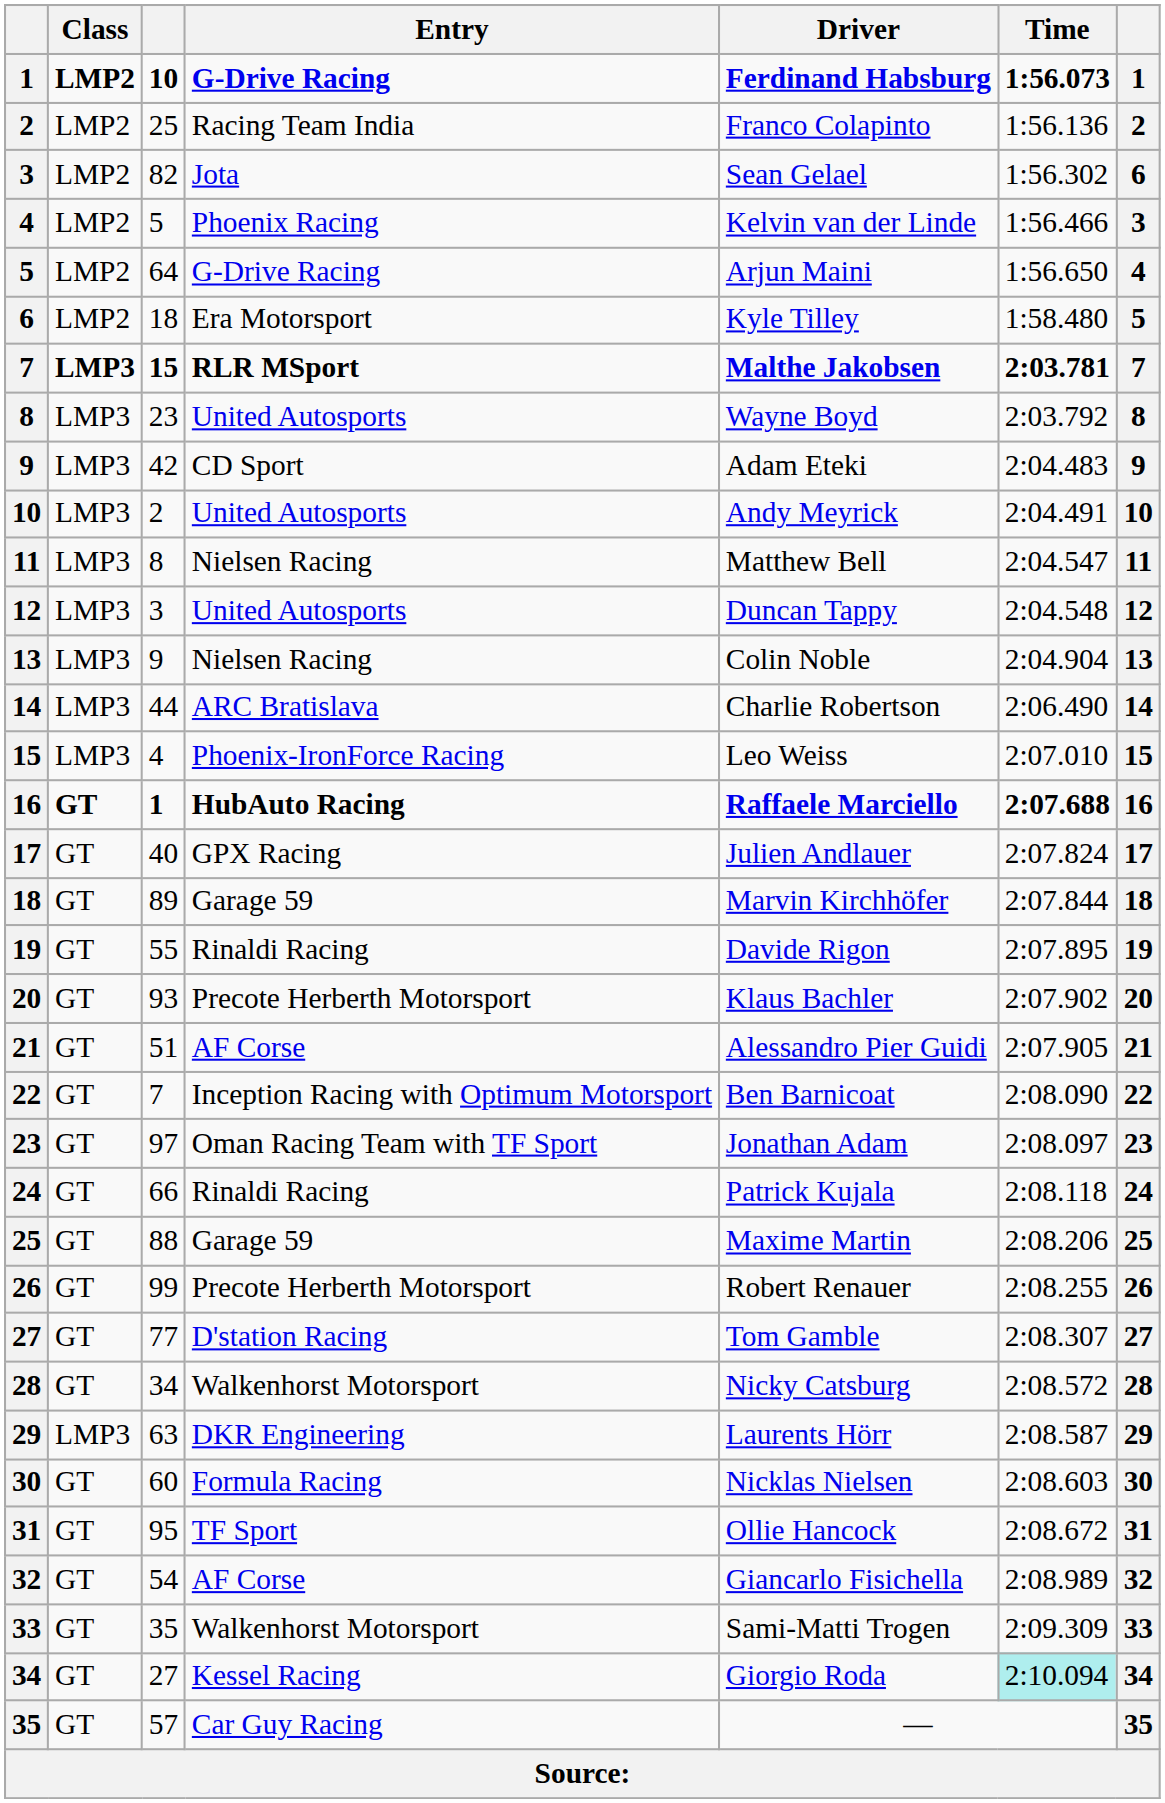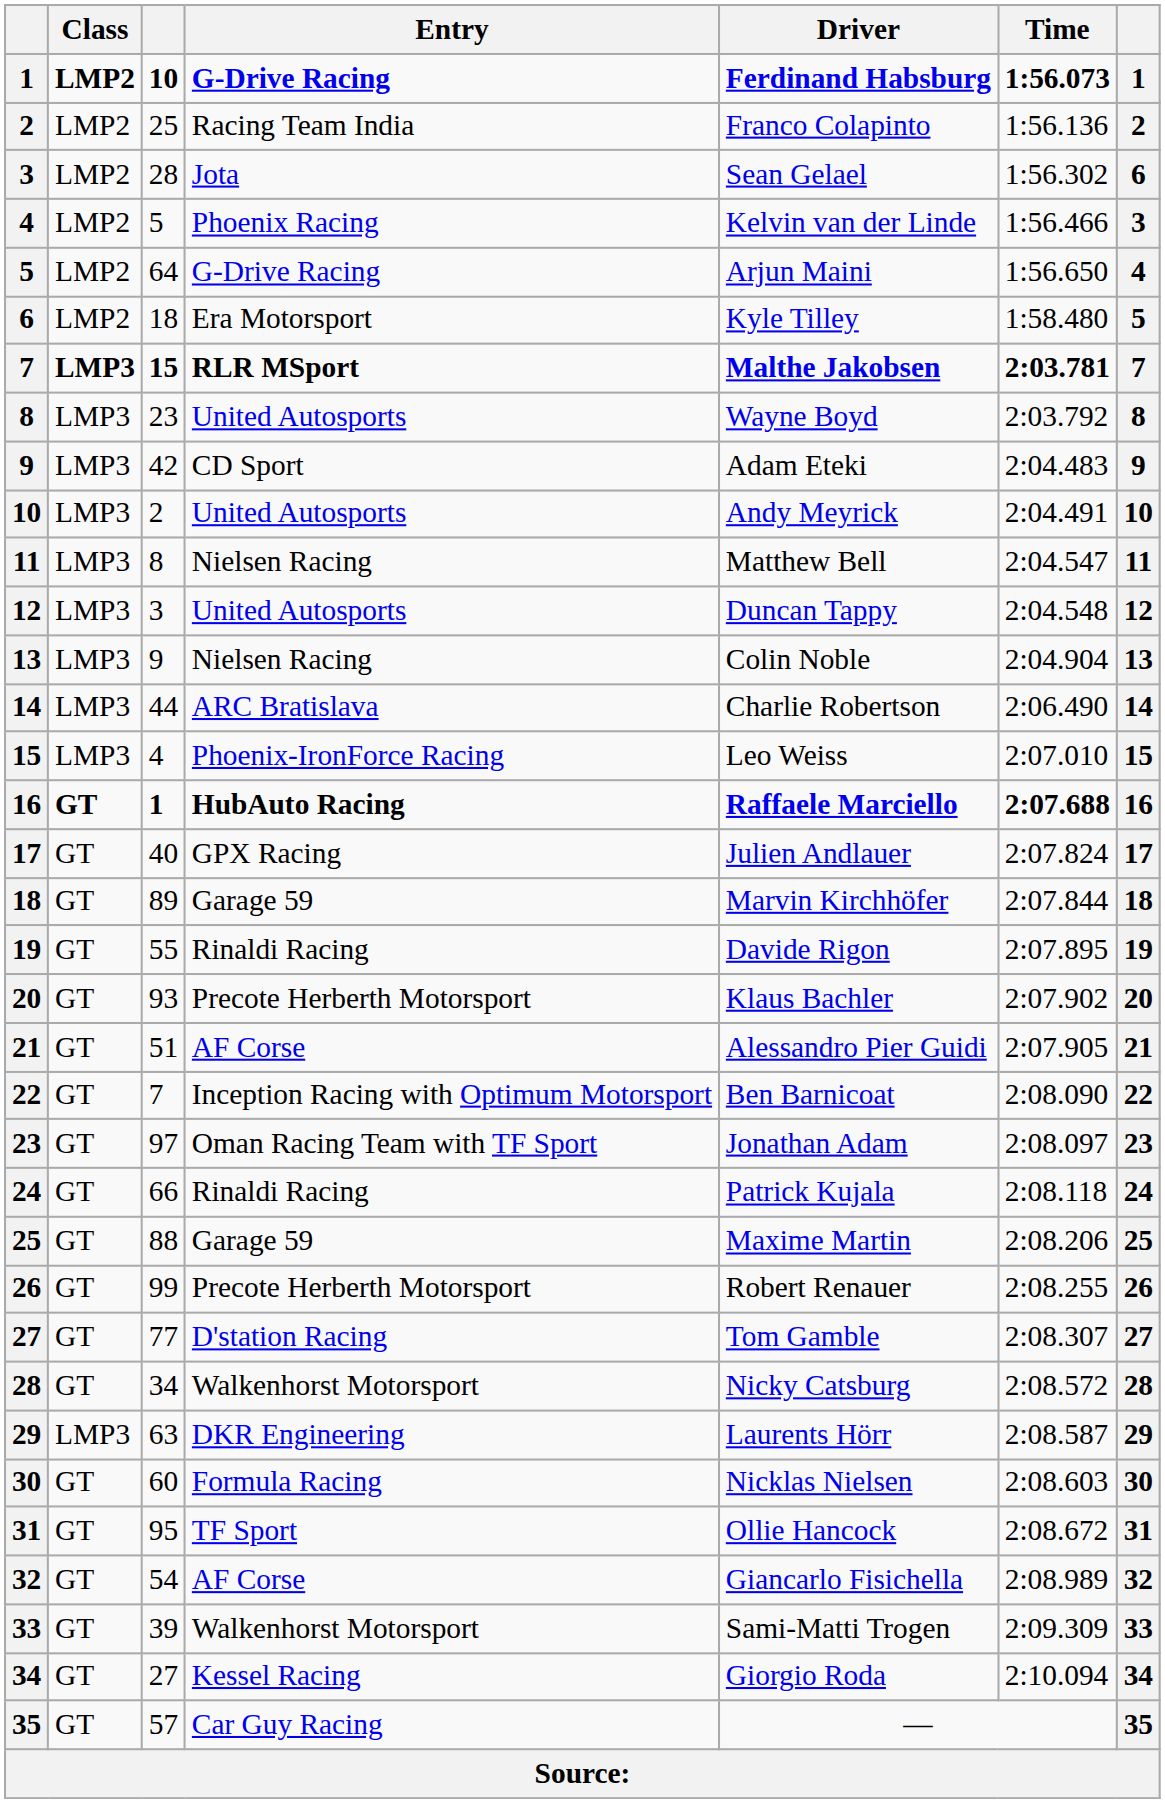 <table class="wikitable sortable" style="font-size:90%;">
 <tr>
 <th></th>
 <th class="unsortable">Class</th>
 <th class="unsortable"></th>
 <th class="unsortable">Entry</th>
 <th class="unsortable">Driver</th>
 <th class="unsortable">Time</th>
 <th></th>
 </tr>
 <tr>
 <th>1</th>
 <td><strong>LMP2</strong></td>
 <td><strong>10</strong></td>
 <td><strong> <a href='#'>G-Drive Racing</a></strong></td>
 <td><strong> <a href='#'>Ferdinand Habsburg</a></strong></td>
 <td><strong>1:56.073</strong></td>
 <th>1</th>
 </tr>
 <tr>
 <th>2</th>
 <td>LMP2</td>
 <td>25</td>
 <td> Racing Team India</td>
 <td> <a href='#'>Franco Colapinto</a></td>
 <td>1:56.136</td>
 <th>2</th>
 </tr>
 <tr>
 <th>3</th>
 <td>LMP2</td>
-<td>82</td>
+<td>28</td>
 <td> <a href='#'>Jota</a></td>
 <td> <a href='#'>Sean Gelael</a></td>
 <td>1:56.302</td>
 <th>6</th>
 </tr>
 <tr>
 <th>4</th>
 <td>LMP2</td>
 <td>5</td>
 <td> <a href='#'>Phoenix Racing</a></td>
 <td> <a href='#'>Kelvin van der Linde</a></td>
 <td>1:56.466</td>
 <th>3</th>
 </tr>
 <tr>
 <th>5</th>
 <td>LMP2</td>
 <td>64</td>
 <td> <a href='#'>G-Drive Racing</a></td>
 <td> <a href='#'>Arjun Maini</a></td>
 <td>1:56.650</td>
 <th>4</th>
 </tr>
 <tr>
 <th>6</th>
 <td>LMP2</td>
 <td>18</td>
 <td> Era Motorsport</td>
 <td> <a href='#'>Kyle Tilley</a></td>
 <td>1:58.480</td>
 <th>5</th>
 </tr>
 <tr>
 <th>7</th>
 <td><strong>LMP3</strong></td>
 <td><strong>15</strong></td>
 <td><strong> RLR MSport</strong></td>
 <td><strong> <a href='#'>Malthe Jakobsen</a></strong></td>
 <td><strong>2:03.781</strong></td>
 <th>7</th>
 </tr>
 <tr>
 <th>8</th>
 <td>LMP3</td>
 <td>23</td>
 <td> <a href='#'>United Autosports</a></td>
 <td> <a href='#'>Wayne Boyd</a></td>
 <td>2:03.792</td>
 <th>8</th>
 </tr>
 <tr>
 <th>9</th>
 <td>LMP3</td>
 <td>42</td>
 <td> CD Sport</td>
 <td> Adam Eteki</td>
 <td>2:04.483</td>
 <th>9</th>
 </tr>
 <tr>
 <th>10</th>
 <td>LMP3</td>
 <td>2</td>
 <td> <a href='#'>United Autosports</a></td>
 <td> <a href='#'>Andy Meyrick</a></td>
 <td>2:04.491</td>
 <th>10</th>
 </tr>
 <tr>
 <th>11</th>
 <td>LMP3</td>
 <td>8</td>
 <td> Nielsen Racing</td>
 <td> Matthew Bell</td>
 <td>2:04.547</td>
 <th>11</th>
 </tr>
 <tr>
 <th>12</th>
 <td>LMP3</td>
 <td>3</td>
 <td> <a href='#'>United Autosports</a></td>
 <td> <a href='#'>Duncan Tappy</a></td>
 <td>2:04.548</td>
 <th>12</th>
 </tr>
 <tr>
 <th>13</th>
 <td>LMP3</td>
 <td>9</td>
 <td> Nielsen Racing</td>
 <td> Colin Noble</td>
 <td>2:04.904</td>
 <th>13</th>
 </tr>
 <tr>
 <th>14</th>
 <td>LMP3</td>
 <td>44</td>
 <td> <a href='#'>ARC Bratislava</a></td>
 <td> Charlie Robertson</td>
 <td>2:06.490</td>
 <th>14</th>
 </tr>
 <tr>
 <th>15</th>
 <td>LMP3</td>
 <td>4</td>
 <td> <a href='#'>Phoenix-IronForce Racing</a></td>
 <td> Leo Weiss</td>
 <td>2:07.010</td>
 <th>15</th>
 </tr>
 <tr>
 <th>16</th>
 <td><strong>GT</strong></td>
 <td><strong>1</strong></td>
 <td><strong> HubAuto Racing</strong></td>
 <td><strong> <a href='#'>Raffaele Marciello</a></strong></td>
 <td><strong>2:07.688</strong></td>
 <th>16</th>
 </tr>
 <tr>
 <th>17</th>
 <td>GT</td>
 <td>40</td>
 <td> GPX Racing</td>
 <td> <a href='#'>Julien Andlauer</a></td>
 <td>2:07.824</td>
 <th>17</th>
 </tr>
 <tr>
 <th>18</th>
 <td>GT</td>
 <td>89</td>
 <td> Garage 59</td>
 <td> <a href='#'>Marvin Kirchhöfer</a></td>
 <td>2:07.844</td>
 <th>18</th>
 </tr>
 <tr>
 <th>19</th>
 <td>GT</td>
 <td>55</td>
 <td> Rinaldi Racing</td>
 <td> <a href='#'>Davide Rigon</a></td>
 <td>2:07.895</td>
 <th>19</th>
 </tr>
 <tr>
 <th>20</th>
 <td>GT</td>
 <td>93</td>
 <td> Precote Herberth Motorsport</td>
 <td> <a href='#'>Klaus Bachler</a></td>
 <td>2:07.902</td>
 <th>20</th>
 </tr>
 <tr>
 <th>21</th>
 <td>GT</td>
 <td>51</td>
 <td> <a href='#'>AF Corse</a></td>
 <td> <a href='#'>Alessandro Pier Guidi</a></td>
 <td>2:07.905</td>
 <th>21</th>
 </tr>
 <tr>
 <th>22</th>
 <td>GT</td>
 <td>7</td>
 <td> Inception Racing with <a href='#'>Optimum Motorsport</a></td>
 <td> <a href='#'>Ben Barnicoat</a></td>
 <td>2:08.090</td>
 <th>22</th>
 </tr>
 <tr>
 <th>23</th>
 <td>GT</td>
 <td>97</td>
 <td> Oman Racing Team with <a href='#'>TF Sport</a></td>
 <td> <a href='#'>Jonathan Adam</a></td>
 <td>2:08.097</td>
 <th>23</th>
 </tr>
 <tr>
 <th>24</th>
 <td>GT</td>
 <td>66</td>
 <td> Rinaldi Racing</td>
 <td> <a href='#'>Patrick Kujala</a></td>
 <td>2:08.118</td>
 <th>24</th>
 </tr>
 <tr>
 <th>25</th>
 <td>GT</td>
 <td>88</td>
 <td> Garage 59</td>
 <td> <a href='#'>Maxime Martin</a></td>
 <td>2:08.206</td>
 <th>25</th>
 </tr>
 <tr>
 <th>26</th>
 <td>GT</td>
 <td>99</td>
 <td> Precote Herberth Motorsport</td>
 <td> Robert Renauer</td>
 <td>2:08.255</td>
 <th>26</th>
 </tr>
 <tr>
 <th>27</th>
 <td>GT</td>
 <td>77</td>
 <td> <a href='#'>D'station Racing</a></td>
 <td> <a href='#'>Tom Gamble</a></td>
 <td>2:08.307</td>
 <th>27</th>
 </tr>
 <tr>
 <th>28</th>
 <td>GT</td>
 <td>34</td>
 <td> Walkenhorst Motorsport</td>
 <td> <a href='#'>Nicky Catsburg</a></td>
 <td>2:08.572</td>
 <th>28</th>
 </tr>
 <tr>
 <th>29</th>
 <td>LMP3</td>
 <td>63</td>
 <td> <a href='#'>DKR Engineering</a></td>
 <td> <a href='#'>Laurents Hörr</a></td>
 <td>2:08.587</td>
 <th>29</th>
 </tr>
 <tr>
 <th>30</th>
 <td>GT</td>
 <td>60</td>
 <td> <a href='#'>Formula Racing</a></td>
 <td> <a href='#'>Nicklas Nielsen</a></td>
 <td>2:08.603</td>
 <th>30</th>
 </tr>
 <tr>
 <th>31</th>
 <td>GT</td>
 <td>95</td>
 <td> <a href='#'>TF Sport</a></td>
 <td> <a href='#'>Ollie Hancock</a></td>
 <td>2:08.672</td>
 <th>31</th>
 </tr>
 <tr>
 <th>32</th>
 <td>GT</td>
 <td>54</td>
 <td> <a href='#'>AF Corse</a></td>
 <td> <a href='#'>Giancarlo Fisichella</a></td>
 <td>2:08.989</td>
 <th>32</th>
 </tr>
 <tr>
 <th>33</th>
 <td>GT</td>
-<td>35</td>
+<td>39</td>
 <td> Walkenhorst Motorsport</td>
 <td> Sami-Matti Trogen</td>
 <td>2:09.309</td>
 <th>33</th>
 </tr>
 <tr>
 <th>34</th>
 <td>GT</td>
 <td>27</td>
 <td> <a href='#'>Kessel Racing</a></td>
 <td> <a href='#'>Giorgio Roda</a></td>
-<td style="background: paleturquoise;">2:10.094</td>
+<td>2:10.094</td>
 <th>34</th>
 </tr>
 <tr>
 <th>35</th>
 <td>GT</td>
 <td>57</td>
 <td> <a href='#'>Car Guy Racing</a></td>
 <td colspan="2" align= "center">—</td>
 <th>35</th>
 </tr>
 <tr>
 <th colspan="7">Source:</th>
 </tr>
 </table>
